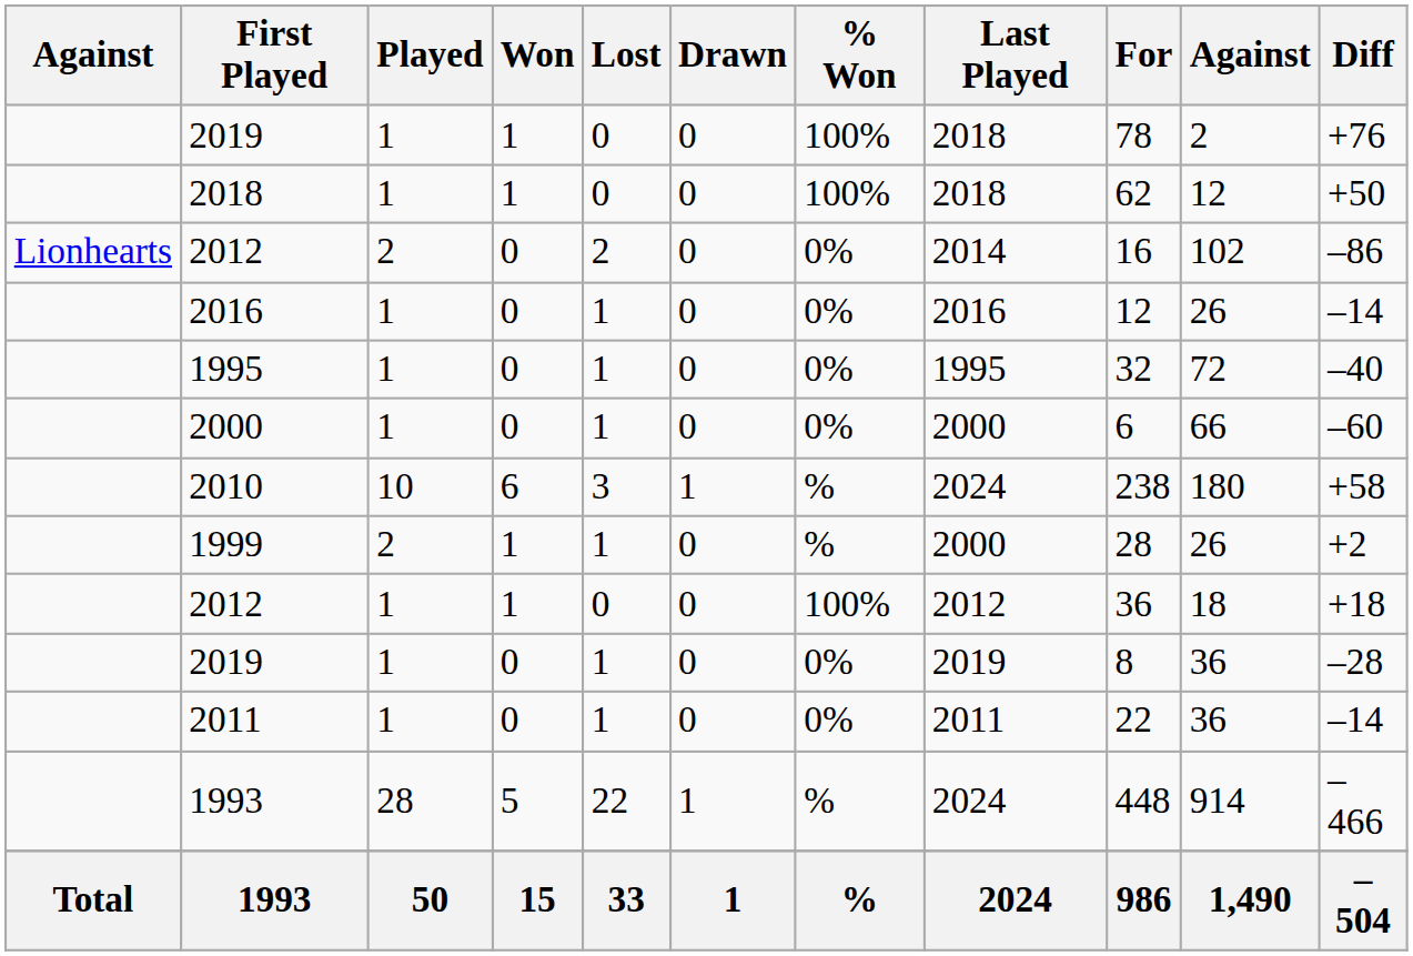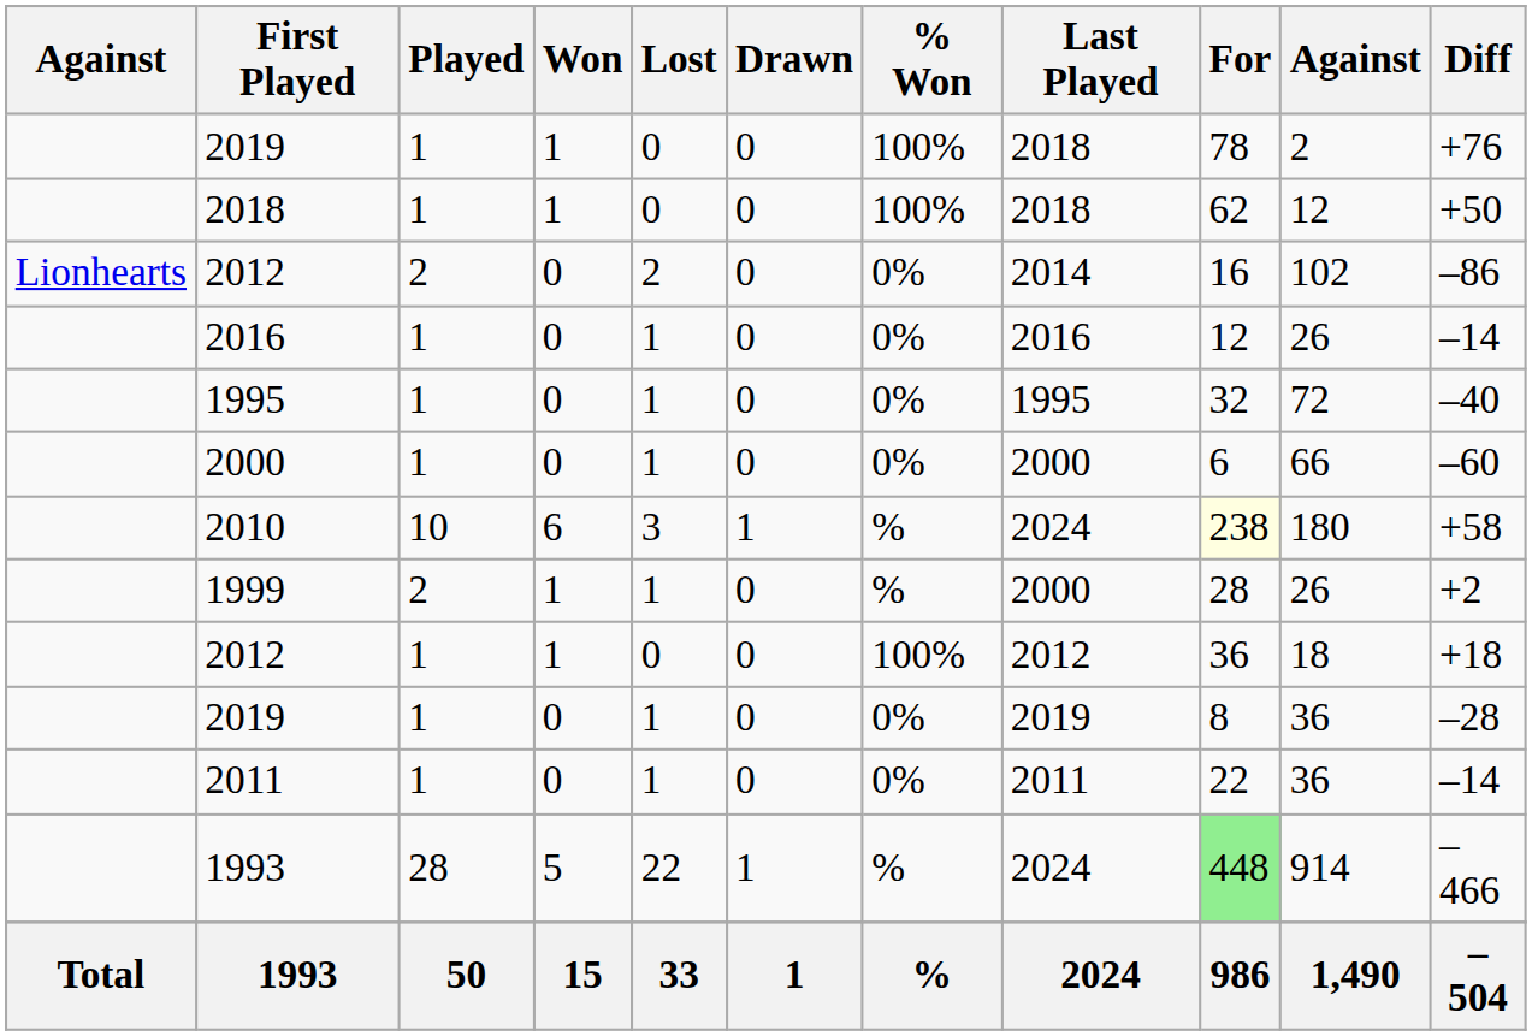 <table class="sortable wikitable ">
 <tr>
 <th>Against</th>
 <th>First Played</th>
 <th>Played</th>
 <th>Won</th>
 <th>Lost</th>
 <th>Drawn</th>
 <th>% Won</th>
 <th>Last Played</th>
 <th>For</th>
 <th>Against</th>
 <th>Diff</th>
 </tr>
 <tr>
 <td align="left"></td>
 <td>2019</td>
 <td>1</td>
 <td>1</td>
 <td>0</td>
 <td>0</td>
 <td>100%</td>
 <td>2018</td>
 <td>78</td>
 <td>2</td>
 <td>+76</td>
 </tr>
 <tr>
 <td align="left"></td>
 <td>2018</td>
 <td>1</td>
 <td>1</td>
 <td>0</td>
 <td>0</td>
 <td>100%</td>
 <td>2018</td>
 <td>62</td>
 <td>12</td>
 <td>+50</td>
 </tr>
 <tr>
 <td align="left"> <a href='#'>Lionhearts</a></td>
 <td>2012</td>
 <td>2</td>
 <td>0</td>
 <td>2</td>
 <td>0</td>
 <td>0%</td>
 <td>2014</td>
 <td>16</td>
 <td>102</td>
 <td>–86</td>
 </tr>
 <tr>
 <td align="left"></td>
 <td>2016</td>
 <td>1</td>
 <td>0</td>
 <td>1</td>
 <td>0</td>
 <td>0%</td>
 <td>2016</td>
 <td>12</td>
 <td>26</td>
 <td>–14</td>
 </tr>
 <tr>
 <td align="left"></td>
 <td>1995</td>
 <td>1</td>
 <td>0</td>
 <td>1</td>
 <td>0</td>
 <td>0%</td>
 <td>1995</td>
 <td>32</td>
 <td>72</td>
 <td>–40</td>
 </tr>
 <tr>
 <td align="left"></td>
 <td>2000</td>
 <td>1</td>
 <td>0</td>
 <td>1</td>
 <td>0</td>
 <td>0%</td>
 <td>2000</td>
 <td>6</td>
 <td>66</td>
 <td>–60</td>
 </tr>
 <tr>
 <td align="left"></td>
 <td>2010</td>
 <td>10</td>
 <td>6</td>
 <td>3</td>
 <td>1</td>
 <td>%</td>
 <td>2024</td>
-<td>238</td>
+<td style="background: lightyellow;">238</td>
 <td>180</td>
 <td>+58</td>
 </tr>
 <tr>
 <td align="left"></td>
 <td>1999</td>
 <td>2</td>
 <td>1</td>
 <td>1</td>
 <td>0</td>
 <td>%</td>
 <td>2000</td>
 <td>28</td>
 <td>26</td>
 <td>+2</td>
 </tr>
 <tr>
 <td align="left"></td>
 <td>2012</td>
 <td>1</td>
 <td>1</td>
 <td>0</td>
 <td>0</td>
 <td>100%</td>
 <td>2012</td>
 <td>36</td>
 <td>18</td>
 <td>+18</td>
 </tr>
 <tr>
 <td align="left"></td>
 <td>2019</td>
 <td>1</td>
 <td>0</td>
 <td>1</td>
 <td>0</td>
 <td>0%</td>
 <td>2019</td>
 <td>8</td>
 <td>36</td>
 <td>–28</td>
 </tr>
 <tr>
 <td align="left"></td>
 <td>2011</td>
 <td>1</td>
 <td>0</td>
 <td>1</td>
 <td>0</td>
 <td>0%</td>
 <td>2011</td>
 <td>22</td>
 <td>36</td>
 <td>–14</td>
 </tr>
 <tr>
 <td align="left"></td>
 <td>1993</td>
 <td>28</td>
 <td>5</td>
 <td>22</td>
 <td>1</td>
 <td>%</td>
 <td>2024</td>
-<td>448</td>
+<td style="background: lightgreen;">448</td>
 <td>914</td>
 <td>–466</td>
 </tr>
 <tr>
 </tr>
 <tr class="sortbottom">
 <th>Total</th>
 <th>1993</th>
 <th>50</th>
 <th>15</th>
 <th>33</th>
 <th>1</th>
 <th>%</th>
 <th>2024</th>
 <th>986</th>
 <th>1,490</th>
 <th>–504</th>
 </tr>
 </table>
